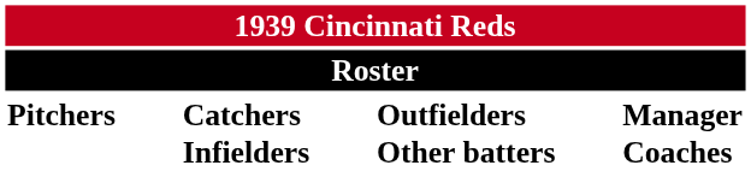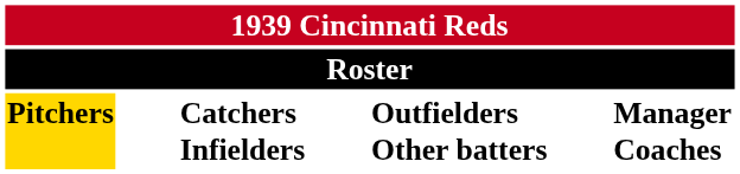 <table class="toccolours" style="font-size: 95%;">
 <tr>
 <th colspan="10" style="background-color: #c6011f; color: white; text-align: center;">1939 Cincinnati Reds</th>
 </tr>
 <tr>
 <td colspan="10" style="background-color: black; color: white; text-align: center;"><strong>Roster</strong></td>
 </tr>
 <tr>
-<td valign="top"><strong>Pitchers</strong><br>               </td>
+<td valign="top" style="background: gold;"><strong>Pitchers</strong><br>               </td>
 <td width="25px"></td>
 <td valign="top"><strong>Catchers</strong><br>   <strong>Infielders</strong>        </td>
 <td width="25px"></td>
 <td valign="top"><strong>Outfielders</strong><br>          <strong>Other batters</strong> </td>
 <td width="25px"></td>
 <td valign="top"><strong>Manager</strong><br> <strong>Coaches</strong>  </td>
 </tr>
 </table>
